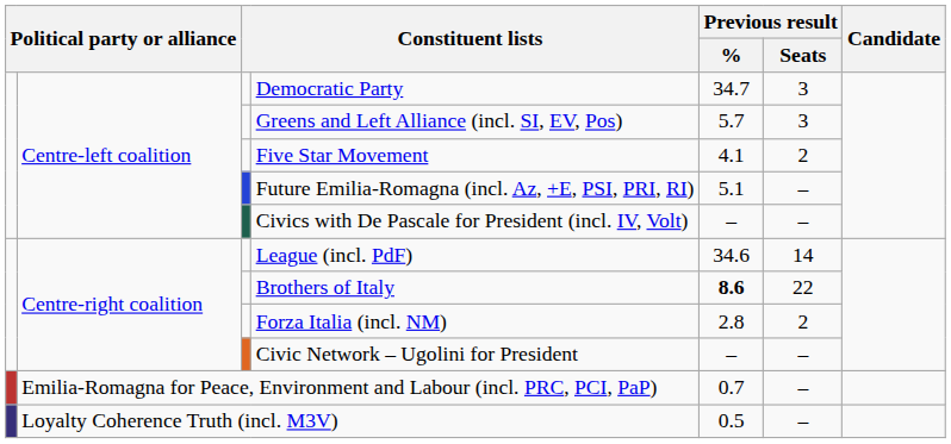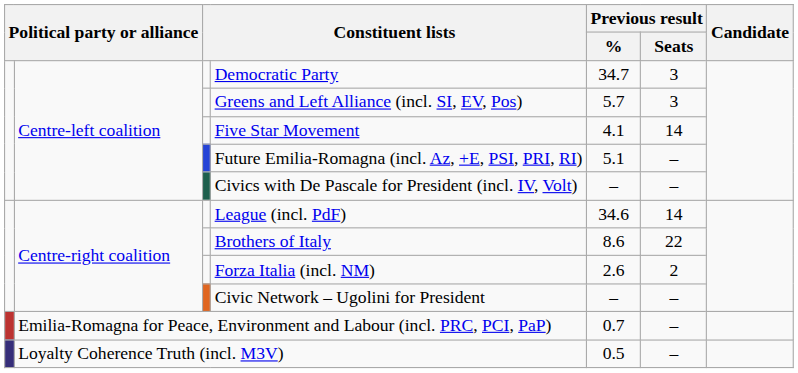 <table class=wikitable style=text-align:left>
 <tr>
 <th colspan=2 rowspan="2">Political party or alliance</th>
 <th colspan=2 rowspan="2">Constituent lists</th>
 <th colspan="2">Previous result</th>
 <th colspan="2" rowspan="2">Candidate</th>
 </tr>
 <tr>
 <th>%</th>
 <th>Seats</th>
 </tr>
 <tr>
 <td rowspan="5"></td>
 <td rowspan=5><a href='#'>Centre-left coalition</a></td>
 <td></td>
 <td style="text-align:left;"><a href='#'>Democratic Party</a></td>
 <td style="text-align:center;">34.7</td>
 <td align=center>3</td>
 <td rowspan="5"></td>
 </tr>
 <tr>
 <td style="background-color:"></td>
 <td><a href='#'>Greens and Left Alliance</a> (incl. <a href='#'>SI</a>, <a href='#'>EV</a>, <a href='#'>Pos</a>)</td>
 <td align=center>5.7</td>
 <td align=center>3</td>
 </tr>
 <tr>
 <td style="background-color:"></td>
 <td><a href='#'>Five Star Movement</a></td>
 <td align=center>4.1</td>
-<td align=center>2</td>
+<td align=center>14</td>
 </tr>
 <tr>
 <td style="background-color:#2543D6"></td>
 <td>Future Emilia-Romagna (incl. <a href='#'>Az</a>, <a href='#'>+E</a>, <a href='#'>PSI</a>, <a href='#'>PRI</a>, <a href='#'>RI</a>)</td>
 <td align=center>5.1</td>
 <td align=center>–</td>
 </tr>
 <tr>
 <td style="background-color:#1e5f4d"></td>
 <td>Civics with De Pascale for President (incl. <a href='#'>IV</a>, <a href='#'>Volt</a>)</td>
 <td align=center>–</td>
 <td align=center>–</td>
 </tr>
 <tr>
 <td rowspan="4" style="background:"></td>
 <td rowspan=4><a href='#'>Centre-right coalition</a></td>
 <td></td>
 <td style="text-align:left;"><a href='#'>League</a> (incl. <a href='#'>PdF</a>)</td>
 <td align=center>34.6</td>
 <td align=center>14</td>
 <td rowspan="4"></td>
 </tr>
 <tr>
 <td></td>
 <td style="text-align:left;"><a href='#'>Brothers of Italy</a></td>
-<td align=center><strong>8.6</strong></td>
+<td align=center>8.6</td>
 <td style="text-align:center;">22</td>
 </tr>
 <tr>
 <td></td>
 <td style="text-align:left;"><a href='#'>Forza Italia</a> (incl. <a href='#'>NM</a>)</td>
-<td align=center>2.8</td>
+<td align=center>2.6</td>
 <td align=center>2</td>
 </tr>
 <tr>
 <td bgcolor="#E06621"></td>
 <td style="text-align:left;">Civic Network – Ugolini for President</td>
 <td align=center>–</td>
 <td align=center>–</td>
 </tr>
 <tr>
 <td style="background-color:#bc3331"></td>
 <td colspan="3">Emilia-Romagna for Peace, Environment and Labour (incl. <a href='#'>PRC</a>, <a href='#'>PCI</a>, <a href='#'>PaP</a>)</td>
 <td align=center>0.7</td>
 <td align=center>–</td>
 <td></td>
 </tr>
 <tr>
 <td bgcolor="#362E79"></td>
 <td colspan="3">Loyalty Coherence Truth (incl. <a href='#'> M3V</a>)</td>
 <td align=center>0.5</td>
 <td align=center>–</td>
 <td></td>
 </tr>
 </table>
